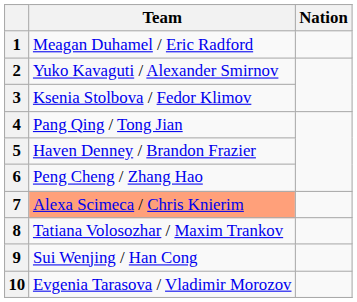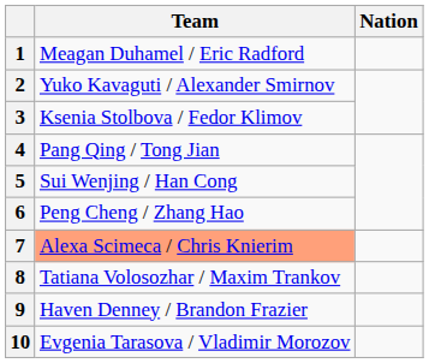 <table class="wikitable sortable" style="text-align:left">
 <tr>
 <th scope="col"></th>
 <th scope="col">Team</th>
 <th scope="col">Nation</th>
 </tr>
 <tr>
 <th scope="row">1</th>
 <td><a href='#'>Meagan Duhamel</a> / <a href='#'>Eric Radford</a></td>
 <td></td>
 </tr>
 <tr>
 <th scope="row">2</th>
 <td><a href='#'>Yuko Kavaguti</a> / <a href='#'>Alexander Smirnov</a></td>
 <td rowspan="2"></td>
 </tr>
 <tr>
 <th scope="row">3</th>
 <td><a href='#'>Ksenia Stolbova</a> / <a href='#'>Fedor Klimov</a></td>
 </tr>
 <tr>
 <th scope="row">4</th>
 <td><a href='#'>Pang Qing</a> / <a href='#'>Tong Jian</a></td>
 <td rowspan="3"></td>
 </tr>
 <tr>
 <th scope="row">5</th>
-<td><a href='#'>Haven Denney</a> / <a href='#'>Brandon Frazier</a></td>
+<td><a href='#'>Sui Wenjing</a> / <a href='#'>Han Cong</a></td>
 </tr>
 <tr>
 <th scope="row">6</th>
 <td><a href='#'>Peng Cheng</a> / <a href='#'>Zhang Hao</a></td>
 </tr>
 <tr>
 <th scope="row">7</th>
 <td style="background: lightsalmon;"><a href='#'>Alexa Scimeca</a> / <a href='#'>Chris Knierim</a></td>
 <td></td>
 </tr>
 <tr>
 <th scope="row">8</th>
 <td><a href='#'>Tatiana Volosozhar</a> / <a href='#'>Maxim Trankov</a></td>
 <td></td>
 </tr>
 <tr>
 <th scope="row">9</th>
-<td><a href='#'>Sui Wenjing</a> / <a href='#'>Han Cong</a></td>
+<td><a href='#'>Haven Denney</a> / <a href='#'>Brandon Frazier</a></td>
 <td></td>
 </tr>
 <tr>
 <th scope="row">10</th>
 <td><a href='#'>Evgenia Tarasova</a> / <a href='#'>Vladimir Morozov</a></td>
 <td></td>
 </tr>
 </table>
